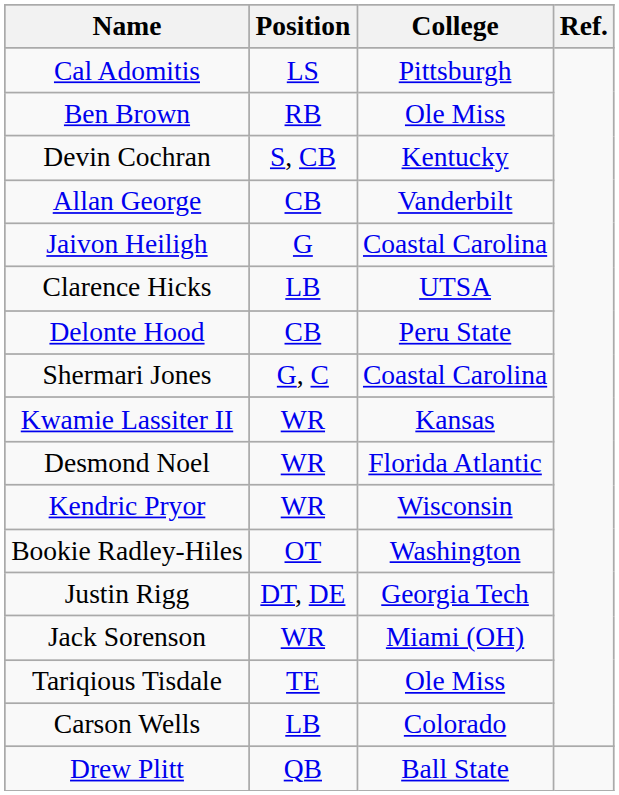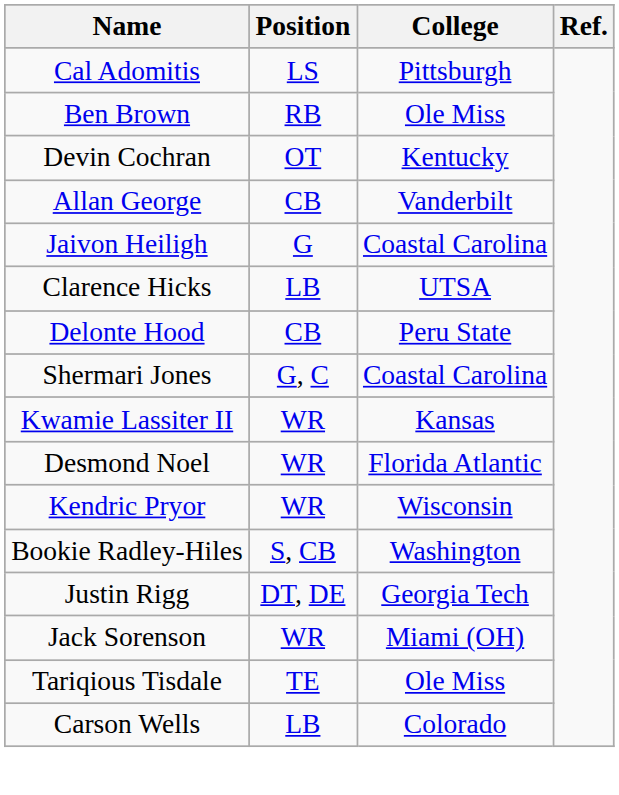 <table class="wikitable" style="text-align:center">
 <tr>
 <th>Name</th>
 <th>Position</th>
 <th>College</th>
 <th>Ref.</th>
 </tr>
 <tr>
 <td><a href='#'>Cal Adomitis</a></td>
 <td><a href='#'>LS</a></td>
 <td><a href='#'>Pittsburgh</a></td>
 <td rowspan = 16></td>
 </tr>
 <tr>
 <td><a href='#'>Ben Brown</a></td>
 <td><a href='#'>RB</a></td>
 <td><a href='#'>Ole Miss</a></td>
 </tr>
 <tr>
 <td>Devin Cochran</td>
-<td><a href='#'>S</a>, <a href='#'>CB</a></td>
+<td><a href='#'>OT</a></td>
 <td><a href='#'>Kentucky</a></td>
 </tr>
 <tr>
 <td><a href='#'>Allan George</a></td>
 <td><a href='#'>CB</a></td>
 <td><a href='#'>Vanderbilt</a></td>
 </tr>
 <tr>
 <td><a href='#'>Jaivon Heiligh</a></td>
 <td><a href='#'>G</a></td>
 <td><a href='#'>Coastal Carolina</a></td>
 </tr>
 <tr>
 <td>Clarence Hicks</td>
 <td><a href='#'>LB</a></td>
 <td><a href='#'>UTSA</a></td>
 </tr>
 <tr>
 <td><a href='#'>Delonte Hood</a></td>
 <td><a href='#'>CB</a></td>
 <td><a href='#'>Peru State</a></td>
 </tr>
 <tr>
 <td>Shermari Jones</td>
 <td><a href='#'>G</a>, <a href='#'>C</a></td>
 <td><a href='#'>Coastal Carolina</a></td>
 </tr>
 <tr>
 <td><a href='#'>Kwamie Lassiter II</a></td>
 <td><a href='#'>WR</a></td>
 <td><a href='#'>Kansas</a></td>
 </tr>
 <tr>
 <td>Desmond Noel</td>
 <td><a href='#'>WR</a></td>
 <td><a href='#'>Florida Atlantic</a></td>
 </tr>
 <tr>
 <td><a href='#'>Kendric Pryor</a></td>
 <td><a href='#'>WR</a></td>
 <td><a href='#'>Wisconsin</a></td>
 </tr>
 <tr>
 <td>Bookie Radley-Hiles</td>
-<td><a href='#'>OT</a></td>
+<td><a href='#'>S</a>, <a href='#'>CB</a></td>
 <td><a href='#'>Washington</a></td>
 </tr>
 <tr>
 <td>Justin Rigg</td>
 <td><a href='#'>DT</a>, <a href='#'>DE</a></td>
 <td><a href='#'>Georgia Tech</a></td>
 </tr>
 <tr>
 <td>Jack Sorenson</td>
 <td><a href='#'>WR</a></td>
 <td><a href='#'>Miami (OH)</a></td>
 </tr>
 <tr>
 <td>Tariqious Tisdale</td>
 <td><a href='#'>TE</a></td>
 <td><a href='#'>Ole Miss</a></td>
 </tr>
 <tr>
 <td>Carson Wells</td>
 <td><a href='#'>LB</a></td>
 <td><a href='#'>Colorado</a></td>
 </tr>
-<tr>
-<td><a href='#'>Drew Plitt</a></td>
-<td><a href='#'>QB</a></td>
-<td><a href='#'>Ball State</a></td>
-<td></td>
-</tr>
 </table>
